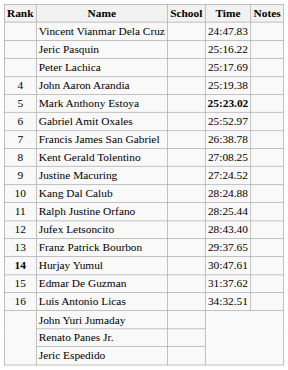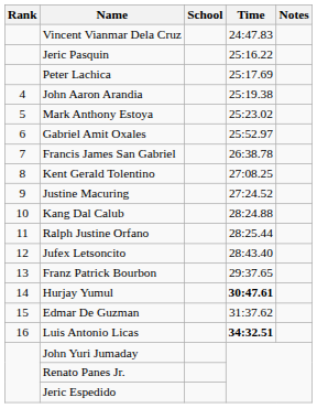 <table class="wikitable sortable" style="text-align:center">
 <tr>
 <th>Rank</th>
 <th>Name</th>
 <th>School</th>
 <th>Time</th>
 <th>Notes</th>
 </tr>
 <tr>
 <td></td>
 <td align=left>Vincent Vianmar Dela Cruz</td>
 <td align=left></td>
 <td>24:47.83</td>
 <td></td>
 </tr>
 <tr>
 <td></td>
 <td align=left>Jeric Pasquin</td>
 <td align=left></td>
 <td>25:16.22</td>
 <td></td>
 </tr>
 <tr>
 <td></td>
 <td align=left>Peter Lachica</td>
 <td align=left></td>
 <td>25:17.69</td>
 <td></td>
 </tr>
 <tr>
 <td>4</td>
 <td align=left>John Aaron Arandia</td>
 <td align=left></td>
 <td>25:19.38</td>
 <td></td>
 </tr>
 <tr>
 <td>5</td>
 <td align=left>Mark Anthony Estoya</td>
 <td align=left></td>
-<td><strong>25:23.02</strong></td>
+<td>25:23.02</td>
 <td></td>
 </tr>
 <tr>
 <td>6</td>
 <td align=left>Gabriel Amit Oxales</td>
 <td align=left></td>
 <td>25:52.97</td>
 <td></td>
 </tr>
 <tr>
 <td>7</td>
 <td align=left>Francis James San Gabriel</td>
 <td align=left></td>
 <td>26:38.78</td>
 <td></td>
 </tr>
 <tr>
 <td>8</td>
 <td align=left>Kent Gerald Tolentino</td>
 <td align=left></td>
 <td>27:08.25</td>
 <td></td>
 </tr>
 <tr>
 <td>9</td>
 <td align=left>Justine Macuring</td>
 <td align=left></td>
 <td>27:24.52</td>
 <td></td>
 </tr>
 <tr>
 <td>10</td>
 <td align=left>Kang Dal Calub</td>
 <td align=left></td>
 <td>28:24.88</td>
 <td></td>
 </tr>
 <tr>
 <td>11</td>
 <td align=left>Ralph Justine Orfano</td>
 <td align=left></td>
 <td>28:25.44</td>
 <td></td>
 </tr>
 <tr>
 <td>12</td>
 <td align=left>Jufex Letsoncito</td>
 <td align=left></td>
 <td>28:43.40</td>
 <td></td>
 </tr>
 <tr>
 <td>13</td>
 <td align=left>Franz Patrick Bourbon</td>
 <td align=left></td>
 <td>29:37.65</td>
 <td></td>
 </tr>
 <tr>
-<td><strong>14</strong></td>
+<td>14</td>
 <td align=left>Hurjay Yumul</td>
 <td></td>
-<td>30:47.61</td>
+<td><strong>30:47.61</strong></td>
 <td></td>
 </tr>
 <tr>
 <td>15</td>
 <td align=left>Edmar De Guzman</td>
 <td align=left></td>
 <td>31:37.62</td>
 <td></td>
 </tr>
 <tr>
 <td>16</td>
 <td align=left>Luis Antonio Licas</td>
 <td align=left></td>
-<td>34:32.51</td>
+<td><strong>34:32.51</strong></td>
 <td></td>
 </tr>
 <tr>
 <td rowspan=3></td>
 <td align=left>John Yuri Jumaday</td>
 <td align=left></td>
 <td rowspan=3 colspan=3></td>
 </tr>
 <tr>
 <td align=left>Renato Panes Jr.</td>
 <td align=left></td>
 </tr>
 <tr>
 <td align=left>Jeric Espedido</td>
 <td></td>
 </tr>
 </table>
